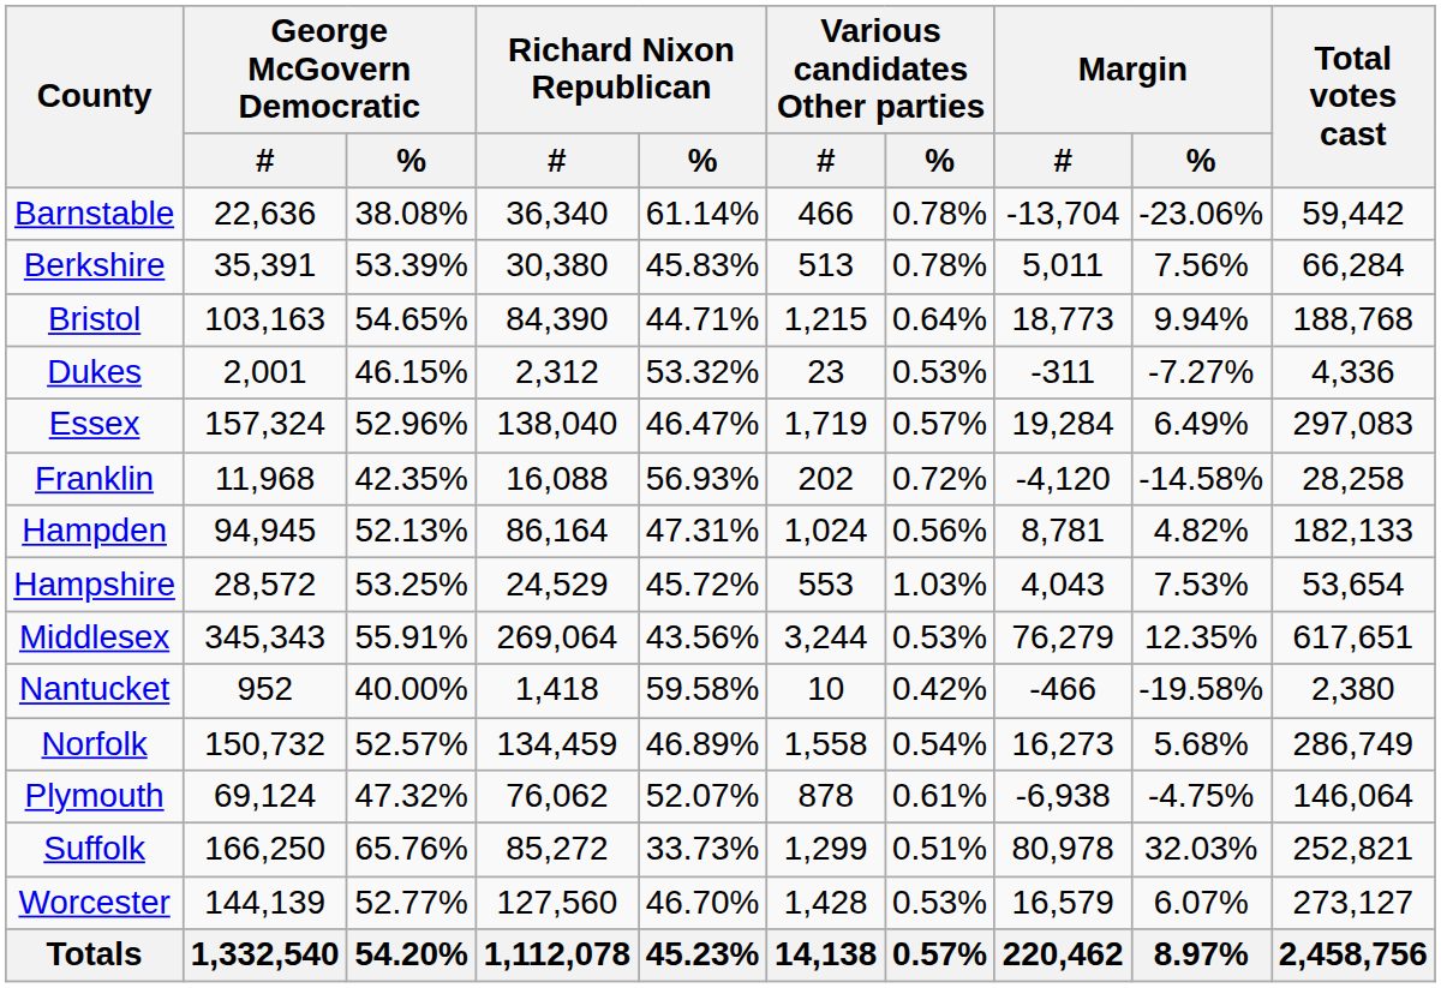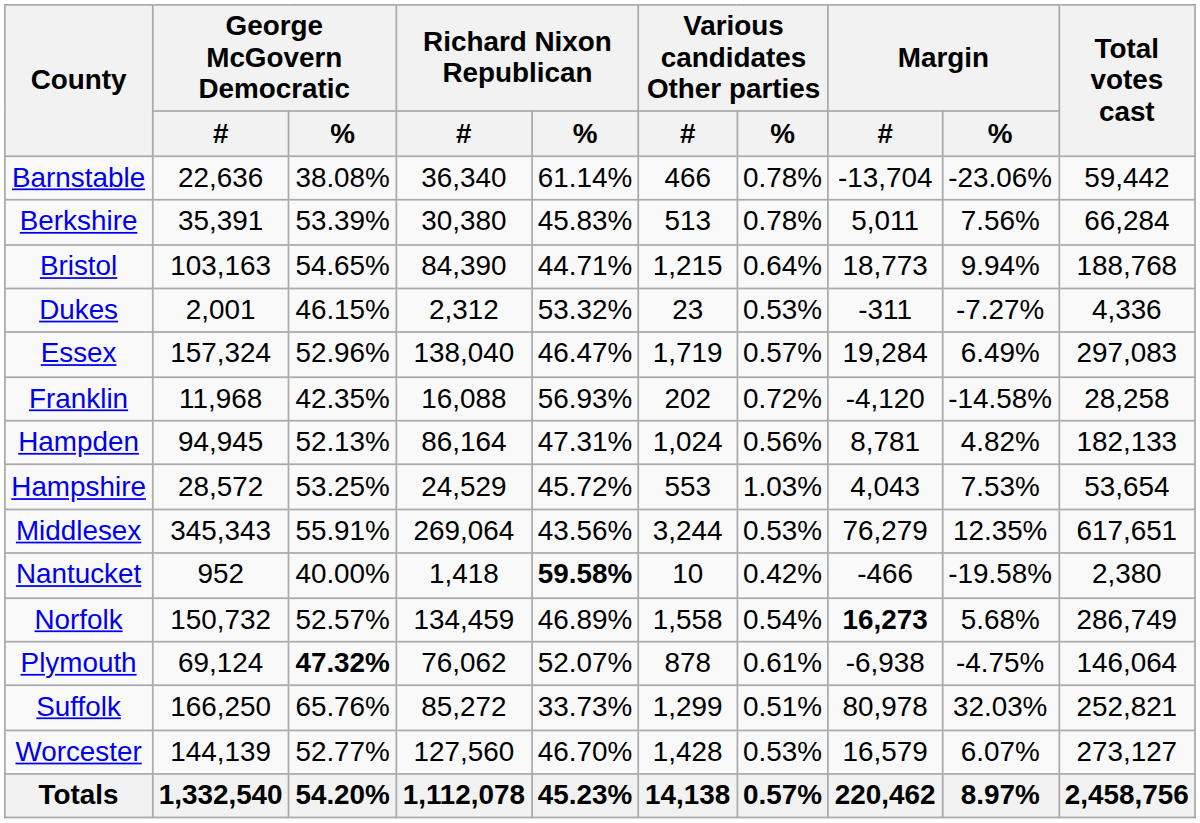 <table class="wikitable sortable">
 <tr>
 <th rowspan="2">County</th>
 <th colspan="2">George McGovern<br>Democratic</th>
 <th colspan="2">Richard Nixon<br>Republican</th>
 <th colspan="2">Various candidates<br>Other parties</th>
 <th colspan="2">Margin</th>
 <th rowspan="2">Total votes cast</th>
 </tr>
 <tr bgcolor="lightgrey">
 <th style="text-align:center;" data-sort-type="number">#</th>
 <th style="text-align:center;" data-sort-type="number">%</th>
 <th style="text-align:center;" data-sort-type="number">#</th>
 <th style="text-align:center;" data-sort-type="number">%</th>
 <th style="text-align:center;" data-sort-type="number">#</th>
 <th style="text-align:center;" data-sort-type="number">%</th>
 <th style="text-align:center;" data-sort-type="number">#</th>
 <th style="text-align:center;" data-sort-type="number">%</th>
 </tr>
 <tr style="text-align:center;">
 <td><a href='#'>Barnstable</a></td>
 <td>22,636</td>
 <td>38.08%</td>
 <td>36,340</td>
 <td>61.14%</td>
 <td>466</td>
 <td>0.78%</td>
 <td>-13,704</td>
 <td>-23.06%</td>
 <td>59,442</td>
 </tr>
 <tr style="text-align:center;">
 <td><a href='#'>Berkshire</a></td>
 <td>35,391</td>
 <td>53.39%</td>
 <td>30,380</td>
 <td>45.83%</td>
 <td>513</td>
 <td>0.78%</td>
 <td>5,011</td>
 <td>7.56%</td>
 <td>66,284</td>
 </tr>
 <tr style="text-align:center;">
 <td><a href='#'>Bristol</a></td>
 <td>103,163</td>
 <td>54.65%</td>
 <td>84,390</td>
 <td>44.71%</td>
 <td>1,215</td>
 <td>0.64%</td>
 <td>18,773</td>
 <td>9.94%</td>
 <td>188,768</td>
 </tr>
 <tr style="text-align:center;">
 <td><a href='#'>Dukes</a></td>
 <td>2,001</td>
 <td>46.15%</td>
 <td>2,312</td>
 <td>53.32%</td>
 <td>23</td>
 <td>0.53%</td>
 <td>-311</td>
 <td>-7.27%</td>
 <td>4,336</td>
 </tr>
 <tr style="text-align:center;">
 <td><a href='#'>Essex</a></td>
 <td>157,324</td>
 <td>52.96%</td>
 <td>138,040</td>
 <td>46.47%</td>
 <td>1,719</td>
 <td>0.57%</td>
 <td>19,284</td>
 <td>6.49%</td>
 <td>297,083</td>
 </tr>
 <tr style="text-align:center;">
 <td><a href='#'>Franklin</a></td>
 <td>11,968</td>
 <td>42.35%</td>
 <td>16,088</td>
 <td>56.93%</td>
 <td>202</td>
 <td>0.72%</td>
 <td>-4,120</td>
 <td>-14.58%</td>
 <td>28,258</td>
 </tr>
 <tr style="text-align:center;">
 <td><a href='#'>Hampden</a></td>
 <td>94,945</td>
 <td>52.13%</td>
 <td>86,164</td>
 <td>47.31%</td>
 <td>1,024</td>
 <td>0.56%</td>
 <td>8,781</td>
 <td>4.82%</td>
 <td>182,133</td>
 </tr>
 <tr style="text-align:center;">
 <td><a href='#'>Hampshire</a></td>
 <td>28,572</td>
 <td>53.25%</td>
 <td>24,529</td>
 <td>45.72%</td>
 <td>553</td>
 <td>1.03%</td>
 <td>4,043</td>
 <td>7.53%</td>
 <td>53,654</td>
 </tr>
 <tr style="text-align:center;">
 <td><a href='#'>Middlesex</a></td>
 <td>345,343</td>
 <td>55.91%</td>
 <td>269,064</td>
 <td>43.56%</td>
 <td>3,244</td>
 <td>0.53%</td>
 <td>76,279</td>
 <td>12.35%</td>
 <td>617,651</td>
 </tr>
 <tr style="text-align:center;">
 <td><a href='#'>Nantucket</a></td>
 <td>952</td>
 <td>40.00%</td>
 <td>1,418</td>
-<td>59.58%</td>
+<td><strong>59.58%</strong></td>
 <td>10</td>
 <td>0.42%</td>
 <td>-466</td>
 <td>-19.58%</td>
 <td>2,380</td>
 </tr>
 <tr style="text-align:center;">
 <td><a href='#'>Norfolk</a></td>
 <td>150,732</td>
 <td>52.57%</td>
 <td>134,459</td>
 <td>46.89%</td>
 <td>1,558</td>
 <td>0.54%</td>
-<td>16,273</td>
+<td><strong>16,273</strong></td>
 <td>5.68%</td>
 <td>286,749</td>
 </tr>
 <tr style="text-align:center;">
 <td><a href='#'>Plymouth</a></td>
 <td>69,124</td>
-<td>47.32%</td>
+<td><strong>47.32%</strong></td>
 <td>76,062</td>
 <td>52.07%</td>
 <td>878</td>
 <td>0.61%</td>
 <td>-6,938</td>
 <td>-4.75%</td>
 <td>146,064</td>
 </tr>
 <tr style="text-align:center;">
 <td><a href='#'>Suffolk</a></td>
 <td>166,250</td>
 <td>65.76%</td>
 <td>85,272</td>
 <td>33.73%</td>
 <td>1,299</td>
 <td>0.51%</td>
 <td>80,978</td>
 <td>32.03%</td>
 <td>252,821</td>
 </tr>
 <tr style="text-align:center;">
 <td><a href='#'>Worcester</a></td>
 <td>144,139</td>
 <td>52.77%</td>
 <td>127,560</td>
 <td>46.70%</td>
 <td>1,428</td>
 <td>0.53%</td>
 <td>16,579</td>
 <td>6.07%</td>
 <td>273,127</td>
 </tr>
 <tr style="text-align:center;">
 <th>Totals</th>
 <th>1,332,540</th>
 <th>54.20%</th>
 <th>1,112,078</th>
 <th>45.23%</th>
 <th>14,138</th>
 <th>0.57%</th>
 <th>220,462</th>
 <th>8.97%</th>
 <th>2,458,756</th>
 </tr>
 </table>
